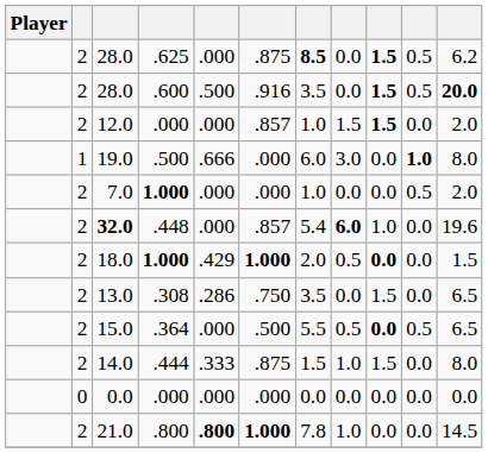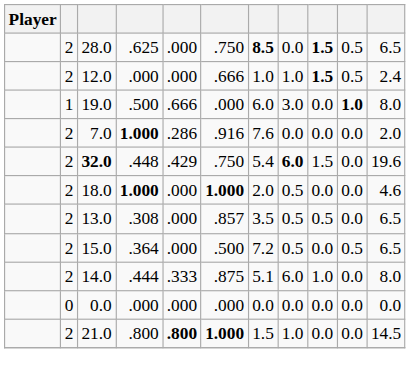 <table class="wikitable sortable" style="font-size:95%; text-align:right">
 <tr>
 <th>Player</th>
 <th></th>
 <th></th>
 <th></th>
 <th></th>
 <th></th>
 <th></th>
 <th></th>
 <th></th>
 <th></th>
 <th></th>
 </tr>
 <tr>
 <td><strong></strong></td>
 <td>2</td>
 <td>28.0</td>
 <td>.625</td>
 <td>.000</td>
-<td>.875</td>
+<td>.750</td>
 <td><strong>8.5</strong></td>
 <td>0.0</td>
 <td><strong>1.5</strong></td>
 <td>0.5</td>
-<td>6.2</td>
-</tr>
-<tr>
-<td><strong></strong></td>
-<td>2</td>
-<td>28.0</td>
-<td>.600</td>
-<td>.500</td>
-<td>.916</td>
-<td>3.5</td>
-<td>0.0</td>
-<td><strong>1.5</strong></td>
-<td>0.5</td>
-<td><strong>20.0</strong></td>
+<td>6.5</td>
 </tr>
 <tr>
 <td><strong></strong></td>
 <td>2</td>
 <td>12.0</td>
 <td>.000</td>
 <td>.000</td>
-<td>.857</td>
+<td>.666</td>
 <td>1.0</td>
-<td>1.5</td>
+<td>1.0</td>
 <td><strong>1.5</strong></td>
-<td>0.0</td>
-<td>2.0</td>
+<td>0.5</td>
+<td>2.4</td>
 </tr>
 <tr>
 <td><strong></strong></td>
 <td>1</td>
 <td>19.0</td>
 <td>.500</td>
 <td>.666</td>
 <td>.000</td>
 <td>6.0</td>
 <td>3.0</td>
 <td>0.0</td>
 <td><strong>1.0</strong></td>
 <td>8.0</td>
 </tr>
 <tr>
 <td><strong></strong></td>
 <td>2</td>
 <td>7.0</td>
 <td><strong>1.000</strong></td>
-<td>.000</td>
-<td>.000</td>
-<td>1.0</td>
+<td>.286</td>
+<td>.916</td>
+<td>7.6</td>
 <td>0.0</td>
 <td>0.0</td>
-<td>0.5</td>
+<td>0.0</td>
 <td>2.0</td>
 </tr>
 <tr>
 <td><strong></strong></td>
 <td>2</td>
 <td><strong>32.0</strong></td>
 <td>.448</td>
-<td>.000</td>
-<td>.857</td>
+<td>.429</td>
+<td>.750</td>
 <td>5.4</td>
 <td><strong>6.0</strong></td>
-<td>1.0</td>
+<td>1.5</td>
 <td>0.0</td>
 <td>19.6</td>
 </tr>
 <tr>
 <td><strong></strong></td>
 <td>2</td>
 <td>18.0</td>
 <td><strong>1.000</strong></td>
-<td>.429</td>
+<td>.000</td>
 <td><strong>1.000</strong></td>
 <td>2.0</td>
 <td>0.5</td>
-<td><strong>0.0</strong></td>
 <td>0.0</td>
-<td>1.5</td>
+<td>0.0</td>
+<td>4.6</td>
 </tr>
 <tr>
 <td><strong></strong></td>
 <td>2</td>
 <td>13.0</td>
 <td>.308</td>
-<td>.286</td>
-<td>.750</td>
+<td>.000</td>
+<td>.857</td>
 <td>3.5</td>
-<td>0.0</td>
-<td>1.5</td>
+<td>0.5</td>
+<td>0.5</td>
 <td>0.0</td>
 <td>6.5</td>
 </tr>
 <tr>
 <td><strong></strong></td>
 <td>2</td>
 <td>15.0</td>
 <td>.364</td>
 <td>.000</td>
 <td>.500</td>
-<td>5.5</td>
+<td>7.2</td>
 <td>0.5</td>
-<td><strong>0.0</strong></td>
+<td>0.0</td>
 <td>0.5</td>
 <td>6.5</td>
 </tr>
 <tr>
 <td><strong></strong></td>
 <td>2</td>
 <td>14.0</td>
 <td>.444</td>
 <td>.333</td>
 <td>.875</td>
-<td>1.5</td>
+<td>5.1</td>
+<td>6.0</td>
 <td>1.0</td>
-<td>1.5</td>
 <td>0.0</td>
 <td>8.0</td>
 </tr>
 <tr>
 <td><strong></strong></td>
 <td>0</td>
 <td>0.0</td>
 <td>.000</td>
 <td>.000</td>
 <td>.000</td>
 <td>0.0</td>
 <td>0.0</td>
 <td>0.0</td>
 <td>0.0</td>
 <td>0.0</td>
 </tr>
 <tr>
 <td><strong></strong></td>
 <td>2</td>
 <td>21.0</td>
 <td>.800</td>
 <td><strong>.800</strong></td>
 <td><strong>1.000</strong></td>
-<td>7.8</td>
+<td>1.5</td>
 <td>1.0</td>
 <td>0.0</td>
 <td>0.0</td>
 <td>14.5</td>
 </tr>
 <tr>
 </tr>
 </table>
